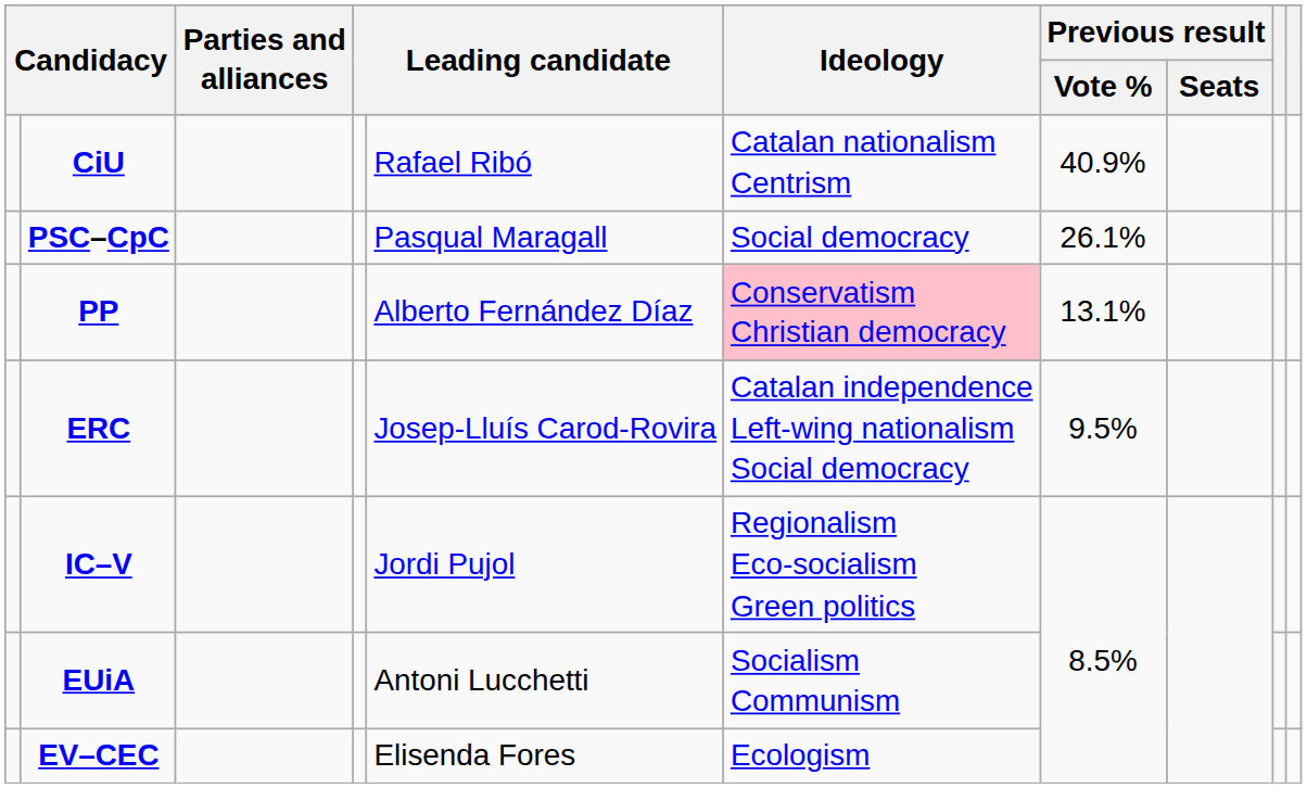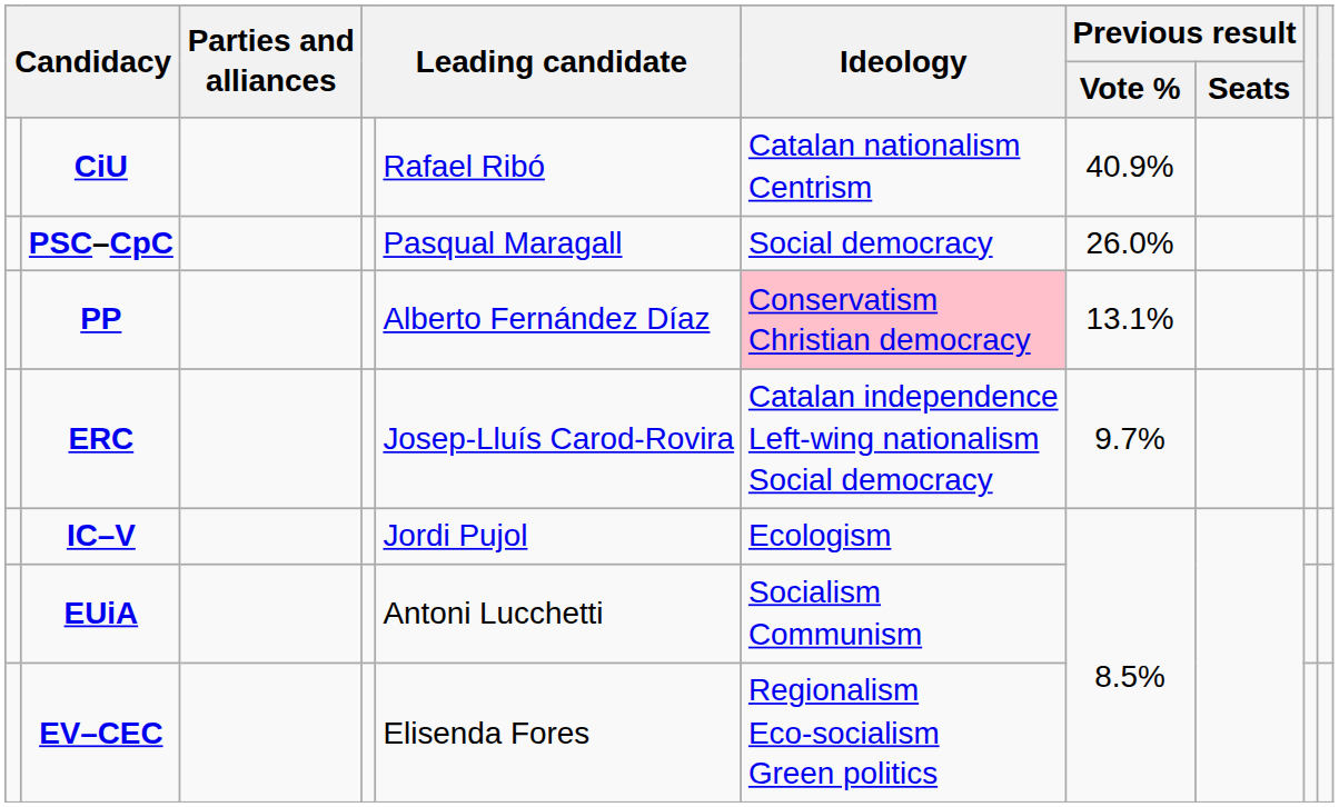 <table class="wikitable" style="line-height:1.35em; text-align:left;">
 <tr>
 <th colspan="2" rowspan="2">Candidacy</th>
 <th rowspan="2">Parties and<br>alliances</th>
 <th colspan="2" rowspan="2">Leading candidate</th>
 <th rowspan="2">Ideology</th>
 <th colspan="2">Previous result</th>
 <th rowspan="2"></th>
 <th rowspan="2"></th>
 </tr>
 <tr>
 <th>Vote %</th>
 <th>Seats</th>
 </tr>
 <tr>
 <td width="1" style="color:inherit;background:"></td>
 <td align="center"><strong><a href='#'>CiU</a></strong></td>
 <td></td>
 <td></td>
 <td><a href='#'>Rafael Ribó</a></td>
 <td><a href='#'>Catalan nationalism</a><br><a href='#'>Centrism</a></td>
 <td align="center">40.9%</td>
 <td></td>
 <td></td>
 <td></td>
 </tr>
 <tr>
 <td style="color:inherit;background:"></td>
 <td align="center"><strong><a href='#'>PSC</a>–<a href='#'>CpC</a></strong></td>
 <td></td>
 <td></td>
 <td><a href='#'>Pasqual Maragall</a></td>
 <td><a href='#'>Social democracy</a></td>
-<td align="center">26.1%</td>
+<td align="center">26.0%</td>
 <td></td>
 <td></td>
 <td></td>
 </tr>
 <tr>
 <td style="color:inherit;background:"></td>
 <td align="center"><strong><a href='#'>PP</a></strong></td>
 <td></td>
 <td></td>
 <td><a href='#'>Alberto Fernández Díaz</a></td>
 <td style="background: pink;"><a href='#'>Conservatism</a><br><a href='#'>Christian democracy</a></td>
 <td align="center">13.1%</td>
 <td></td>
 <td></td>
 <td></td>
 </tr>
 <tr>
 <td style="color:inherit;background:"></td>
 <td align="center"><strong><a href='#'>ERC</a></strong></td>
 <td></td>
 <td></td>
 <td><a href='#'>Josep-Lluís Carod-Rovira</a></td>
 <td><a href='#'>Catalan independence</a><br><a href='#'>Left-wing nationalism</a><br><a href='#'>Social democracy</a></td>
-<td align="center">9.5%</td>
+<td align="center">9.7%</td>
 <td></td>
 <td></td>
 <td></td>
 </tr>
 <tr>
 <td style="color:inherit;background:"></td>
 <td align="center"><strong><a href='#'>IC–V</a></strong></td>
 <td></td>
 <td></td>
 <td><a href='#'>Jordi Pujol</a></td>
-<td><a href='#'>Regionalism</a><br><a href='#'>Eco-socialism</a><br><a href='#'>Green politics</a></td>
+<td><a href='#'>Ecologism</a></td>
 <td rowspan="3" align="center"><br>8.5%<br></td>
 <td rowspan="3"></td>
 <td></td>
 <td></td>
 </tr>
 <tr>
 <td style="color:inherit;background:"></td>
 <td align="center"><strong><a href='#'>EUiA</a></strong></td>
 <td></td>
 <td></td>
 <td>Antoni Lucchetti</td>
 <td><a href='#'>Socialism</a><br><a href='#'>Communism</a></td>
 <td></td>
 <td></td>
 </tr>
 <tr>
 <td style="color:inherit;background:"></td>
 <td align="center"><strong><a href='#'>EV–CEC</a></strong></td>
 <td></td>
 <td></td>
 <td>Elisenda Fores</td>
-<td><a href='#'>Ecologism</a></td>
+<td><a href='#'>Regionalism</a><br><a href='#'>Eco-socialism</a><br><a href='#'>Green politics</a></td>
 <td></td>
 <td></td>
 </tr>
 </table>
